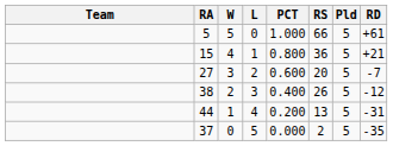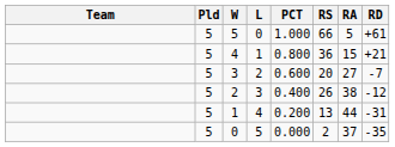 <table class=wikitable style="text-align:center">
 <tr>
 <th width=200>Team</th>
-<th width=20>RA</th>
+<th width=20>Pld</th>
 <th width=20>W</th>
 <th width=20>L</th>
 <th width=40>PCT</th>
 <th width=20>RS</th>
-<th width=20>Pld</th>
+<th width=20>RA</th>
 <th width=20>RD</th>
 </tr>
 <tr>
 <td align=left><strong></strong></td>
 <td>5</td>
 <td>5</td>
 <td>0</td>
 <td>1.000</td>
 <td>66</td>
 <td>5</td>
 <td>+61</td>
 </tr>
 <tr>
 <td align=left><strong></strong></td>
-<td>15</td>
+<td>5</td>
 <td>4</td>
 <td>1</td>
 <td>0.800</td>
 <td>36</td>
-<td>5</td>
+<td>15</td>
 <td>+21</td>
 </tr>
 <tr>
 <td align=left><strong></strong></td>
-<td>27</td>
+<td>5</td>
 <td>3</td>
 <td>2</td>
 <td>0.600</td>
 <td>20</td>
-<td>5</td>
+<td>27</td>
 <td>-7</td>
 </tr>
 <tr>
 <td align=left></td>
-<td>38</td>
+<td>5</td>
 <td>2</td>
 <td>3</td>
 <td>0.400</td>
 <td>26</td>
-<td>5</td>
+<td>38</td>
 <td>-12</td>
 </tr>
 <tr>
 <td align=left></td>
-<td>44</td>
+<td>5</td>
 <td>1</td>
 <td>4</td>
 <td>0.200</td>
 <td>13</td>
-<td>5</td>
+<td>44</td>
 <td>-31</td>
 </tr>
 <tr>
 <td align=left></td>
-<td>37</td>
+<td>5</td>
 <td>0</td>
 <td>5</td>
 <td>0.000</td>
 <td>2</td>
-<td>5</td>
+<td>37</td>
 <td>-35</td>
 </tr>
 </table>
